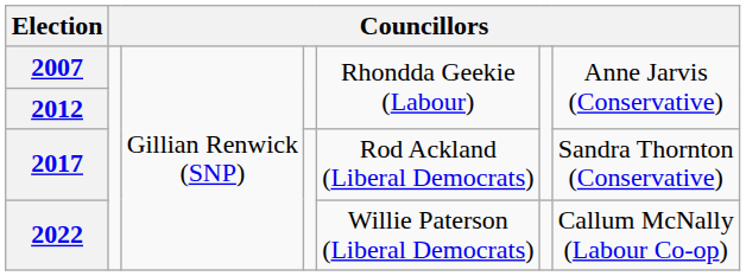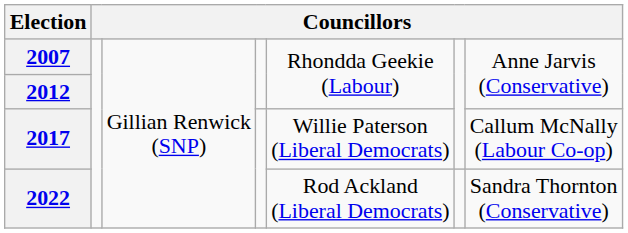 <table class="wikitable" style="text-align:center">
 <tr>
 <th>Election</th>
 <th colspan=6>Councillors</th>
 </tr>
 <tr>
 <th><a href='#'>2007</a></th>
 <td rowspan=4; style="background-color: "></td>
 <td rowspan=4>Gillian Renwick<br>(<a href='#'>SNP</a>)</td>
 <td rowspan=2; style="background-color: "></td>
 <td rowspan=2>Rhondda Geekie<br>(<a href='#'>Labour</a>)</td>
 <td rowspan=3; style="background-color: "></td>
 <td rowspan=2>Anne Jarvis<br>(<a href='#'>Conservative</a>)</td>
 </tr>
 <tr>
 <th><a href='#'>2012</a></th>
 </tr>
 <tr>
 <th><a href='#'>2017</a></th>
 <td rowspan=2; style="background-color: "></td>
-<td rowspan=1>Rod Ackland<br>(<a href='#'>Liberal Democrats</a>)</td>
-<td rowspan=1>Sandra Thornton<br>(<a href='#'>Conservative</a>)</td>
+<td rowspan=1>Willie Paterson<br>(<a href='#'>Liberal Democrats</a>)</td>
+<td rowspan=1>Callum McNally<br>(<a href='#'>Labour Co-op</a>)</td>
 </tr>
 <tr>
 <th><a href='#'>2022</a></th>
-<td rowspan=1>Willie Paterson<br>(<a href='#'>Liberal Democrats</a>)</td>
+<td rowspan=1>Rod Ackland<br>(<a href='#'>Liberal Democrats</a>)</td>
 <td rowspan=1; style="background-color: "></td>
-<td rowspan=1>Callum McNally<br>(<a href='#'>Labour Co-op</a>)</td>
+<td rowspan=1>Sandra Thornton<br>(<a href='#'>Conservative</a>)</td>
 </tr>
 </table>
